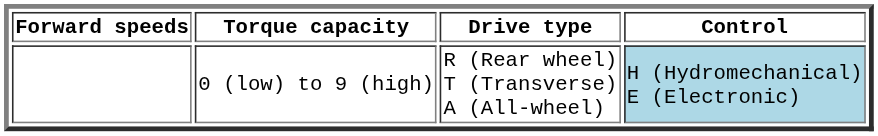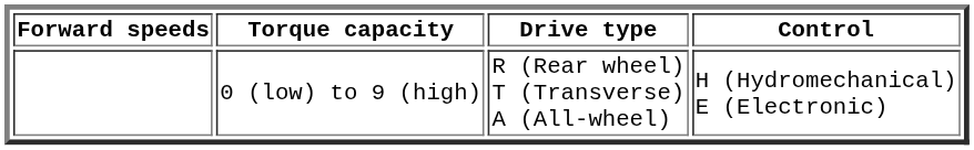 <table border="3" style="margin-left:3em;">
 <tr>
 <th>Forward speeds</th>
 <th>Torque capacity</th>
 <th>Drive type</th>
 <th>Control</th>
 </tr>
 <tr>
 <td></td>
 <td>0 (low) to 9 (high)</td>
 <td>R (Rear wheel)<br>T (Transverse)<br>A (All-wheel)</td>
-<td style="background: lightblue;">H (Hydromechanical)<br>E (Electronic)</td>
+<td>H (Hydromechanical)<br>E (Electronic)</td>
 </tr>
 </table>
